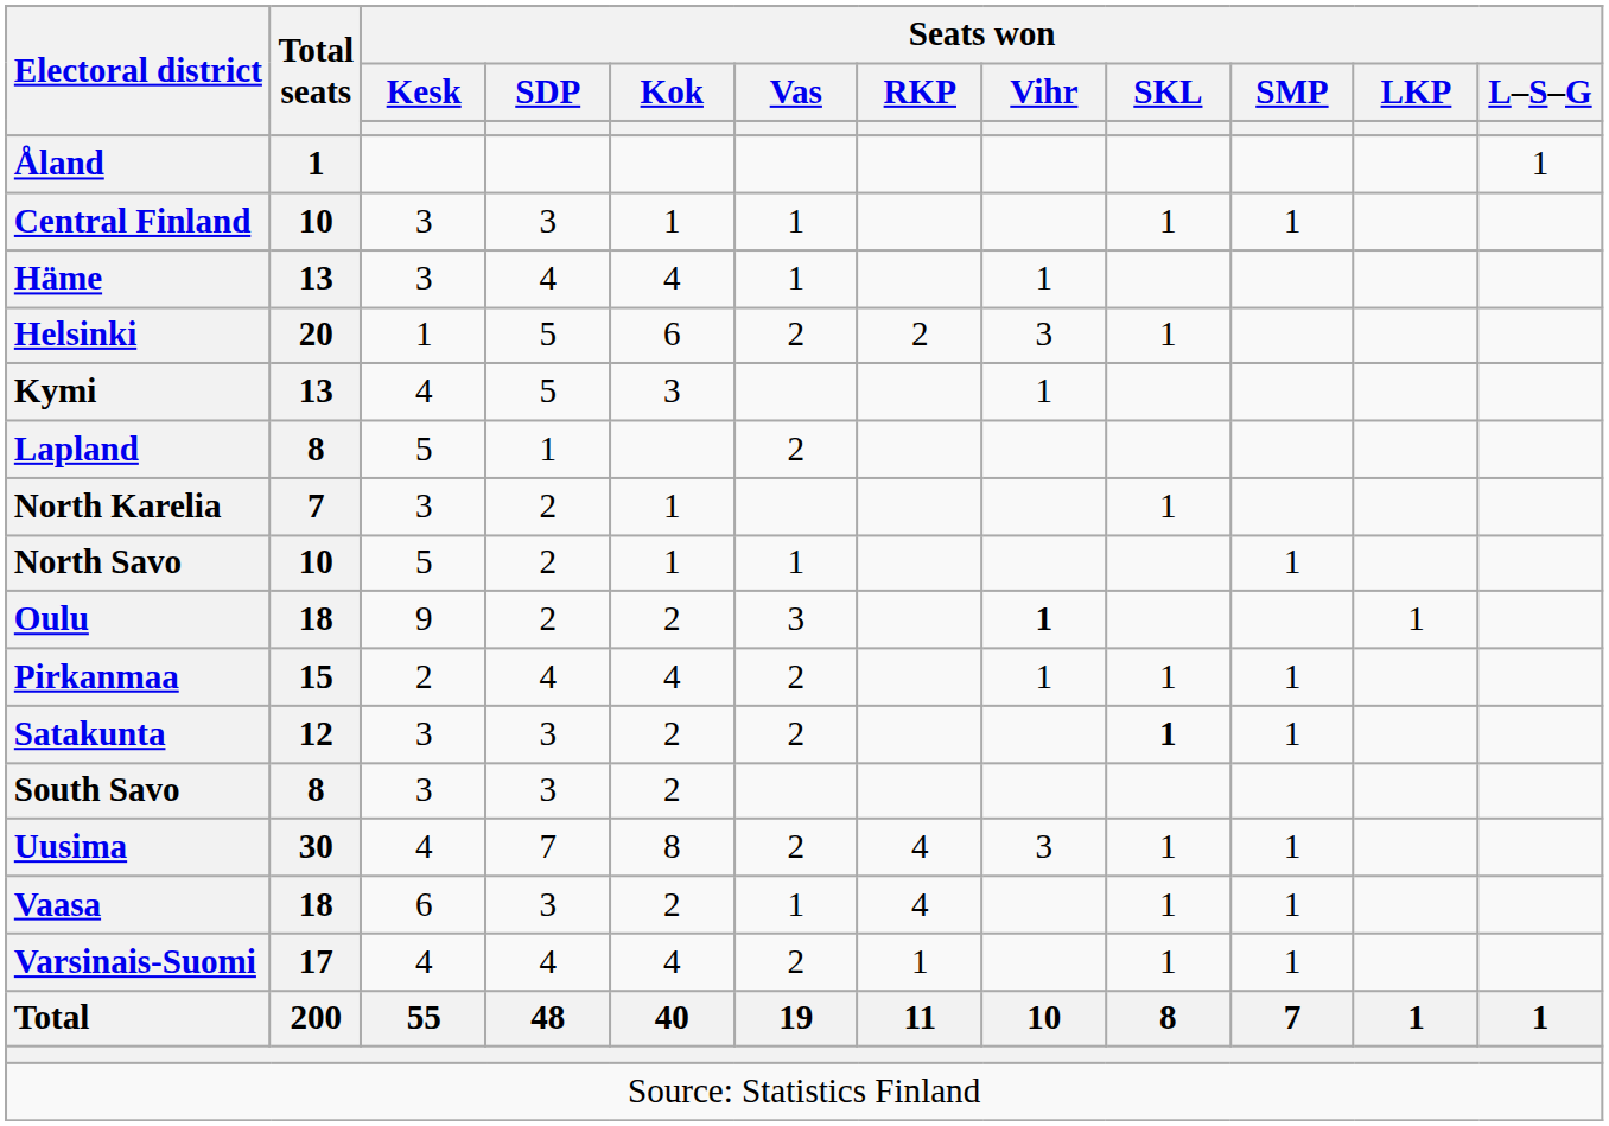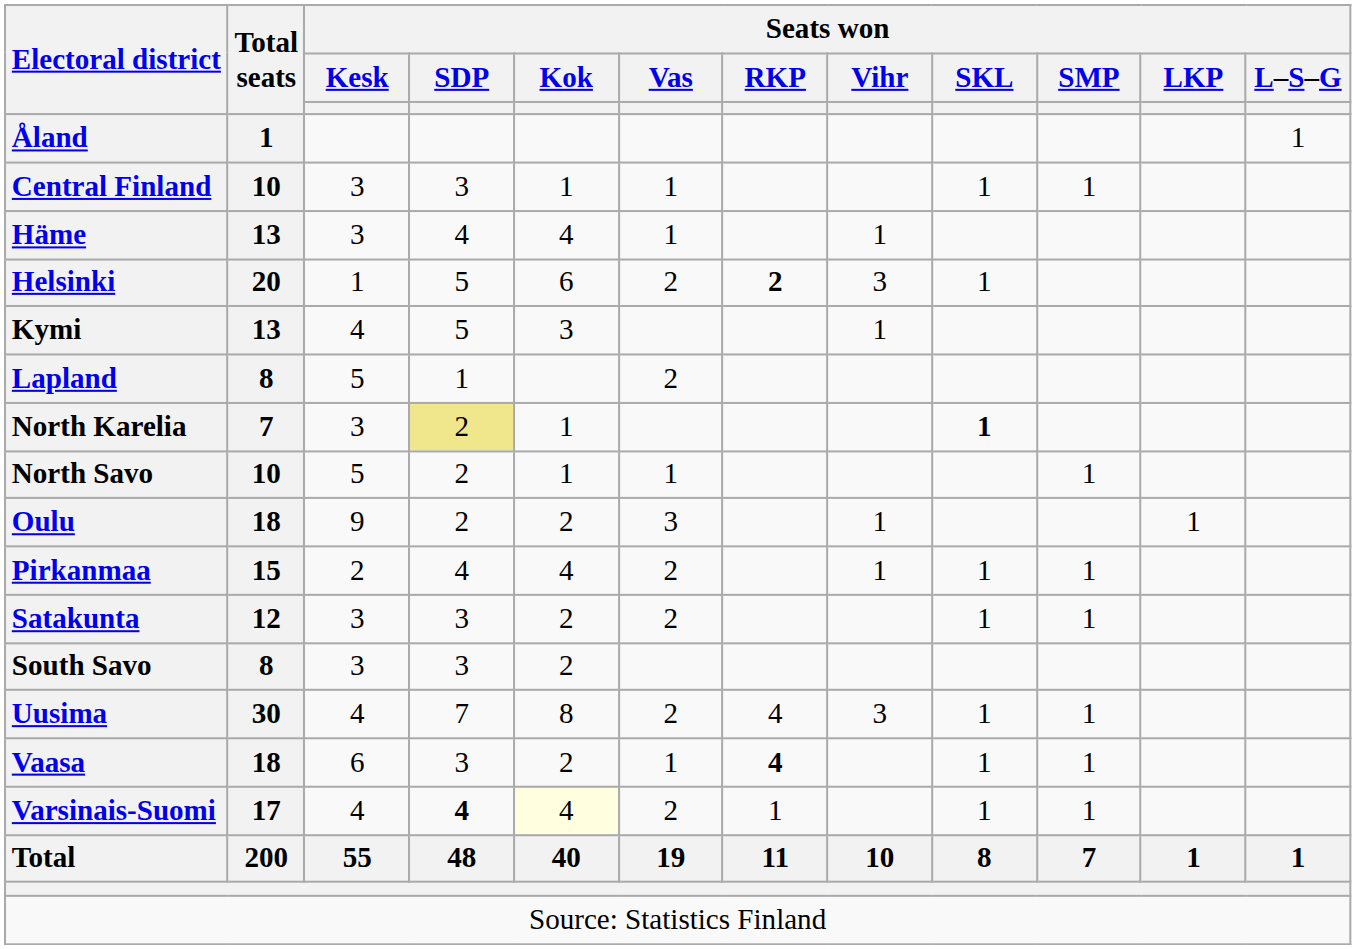 <table class="wikitable" style="text-align:center; font-size: 0.9em;">
 <tr>
 <th rowspan="3"><a href='#'>Electoral district</a></th>
 <th rowspan="3">Total<br>seats</th>
 <th colspan="10">Seats won</th>
 </tr>
 <tr>
 <th class="unsortable" style="width:45px;"><a href='#'>Kesk</a></th>
 <th class="unsortable" style="width:45px;"><a href='#'>SDP</a></th>
 <th class="unsortable" style="width:45px;"><a href='#'>Kok</a></th>
 <th class="unsortable" style="width:45px;"><a href='#'>Vas</a></th>
 <th class="unsortable" style="width:45px;"><a href='#'>RKP</a></th>
 <th class="unsortable" style="width:45px;"><a href='#'>Vihr</a></th>
 <th class="unsortable" style="width:45px;"><a href='#'>SKL</a></th>
 <th class="unsortable" style="width:45px;"><a href='#'>SMP</a></th>
 <th class="unsortable" style="width:45px;"><a href='#'>LKP</a></th>
 <th class="unsortable" style="width:45px;"><a href='#'>L</a>–<a href='#'>S</a>–<a href='#'>G</a></th>
 </tr>
 <tr>
 <th style="background:"></th>
 <th style="background:"></th>
 <th style="background:"></th>
 <th style="background:"></th>
 <th style="background:"></th>
 <th style="background:"></th>
 <th style="background:"></th>
 <th style="background:"></th>
 <th style="background:"></th>
 <th style="background:"></th>
 </tr>
 <tr>
 <th style="text-align: left;"><a href='#'>Åland</a></th>
 <th>1</th>
 <td></td>
 <td></td>
 <td></td>
 <td></td>
 <td></td>
 <td></td>
 <td></td>
 <td></td>
 <td></td>
 <td>1</td>
 </tr>
 <tr>
 <th style="text-align: left;"><a href='#'>Central Finland</a></th>
 <th>10</th>
 <td>3</td>
 <td>3</td>
 <td>1</td>
 <td>1</td>
 <td></td>
 <td></td>
 <td>1</td>
 <td>1</td>
 <td></td>
 <td></td>
 </tr>
 <tr>
 <th style="text-align: left;"><a href='#'>Häme</a></th>
 <th>13</th>
 <td>3</td>
 <td>4</td>
 <td>4</td>
 <td>1</td>
 <td></td>
 <td>1</td>
 <td></td>
 <td></td>
 <td></td>
 <td></td>
 </tr>
 <tr>
 <th style="text-align: left;"><a href='#'>Helsinki</a></th>
 <th>20</th>
 <td>1</td>
 <td>5</td>
 <td>6</td>
 <td>2</td>
-<td>2</td>
+<td><strong>2</strong></td>
 <td>3</td>
 <td>1</td>
 <td></td>
 <td></td>
 <td></td>
 </tr>
 <tr>
 <th style="text-align: left;">Kymi</th>
 <th>13</th>
 <td>4</td>
 <td>5</td>
 <td>3</td>
 <td></td>
 <td></td>
 <td>1</td>
 <td></td>
 <td></td>
 <td></td>
 <td></td>
 </tr>
 <tr>
 <th style="text-align: left;"><a href='#'>Lapland</a></th>
 <th>8</th>
 <td>5</td>
 <td>1</td>
 <td></td>
 <td>2</td>
 <td></td>
 <td></td>
 <td></td>
 <td></td>
 <td></td>
 <td></td>
 </tr>
 <tr>
 <th style="text-align: left;">North Karelia</th>
 <th>7</th>
 <td>3</td>
-<td>2</td>
+<td style="background: khaki;">2</td>
 <td>1</td>
 <td></td>
 <td></td>
 <td></td>
-<td>1</td>
+<td><strong>1</strong></td>
 <td></td>
 <td></td>
 <td></td>
 </tr>
 <tr>
 <th style="text-align: left;">North Savo</th>
 <th>10</th>
 <td>5</td>
 <td>2</td>
 <td>1</td>
 <td>1</td>
 <td></td>
 <td></td>
 <td></td>
 <td>1</td>
 <td></td>
 <td></td>
 </tr>
 <tr>
 <th style="text-align: left;"><a href='#'>Oulu</a></th>
 <th>18</th>
 <td>9</td>
 <td>2</td>
 <td>2</td>
 <td>3</td>
 <td></td>
-<td><strong>1</strong></td>
+<td>1</td>
 <td></td>
 <td></td>
 <td>1</td>
 <td></td>
 </tr>
 <tr>
 <th style="text-align: left;"><a href='#'>Pirkanmaa</a></th>
 <th>15</th>
 <td>2</td>
 <td>4</td>
 <td>4</td>
 <td>2</td>
 <td></td>
 <td>1</td>
 <td>1</td>
 <td>1</td>
 <td></td>
 <td></td>
 </tr>
 <tr>
 <th style="text-align: left;"><a href='#'>Satakunta</a></th>
 <th>12</th>
 <td>3</td>
 <td>3</td>
 <td>2</td>
 <td>2</td>
 <td></td>
 <td></td>
-<td><strong>1</strong></td>
+<td>1</td>
 <td>1</td>
 <td></td>
 <td></td>
 </tr>
 <tr>
 <th style="text-align: left;">South Savo</th>
 <th>8</th>
 <td>3</td>
 <td>3</td>
 <td>2</td>
 <td></td>
 <td></td>
 <td></td>
 <td></td>
 <td></td>
 <td></td>
 <td></td>
 </tr>
 <tr>
 <th style="text-align: left;"><a href='#'>Uusima</a></th>
 <th>30</th>
 <td>4</td>
 <td>7</td>
 <td>8</td>
 <td>2</td>
 <td>4</td>
 <td>3</td>
 <td>1</td>
 <td>1</td>
 <td></td>
 <td></td>
 </tr>
 <tr>
 <th style="text-align: left;"><a href='#'>Vaasa</a></th>
 <th>18</th>
 <td>6</td>
 <td>3</td>
 <td>2</td>
 <td>1</td>
-<td>4</td>
+<td><strong>4</strong></td>
 <td></td>
 <td>1</td>
 <td>1</td>
 <td></td>
 <td></td>
 </tr>
 <tr>
 <th style="text-align: left;"><a href='#'>Varsinais-Suomi</a></th>
 <th>17</th>
 <td>4</td>
-<td>4</td>
-<td>4</td>
+<td><strong>4</strong></td>
+<td style="background: lightyellow;">4</td>
 <td>2</td>
 <td>1</td>
 <td></td>
 <td>1</td>
 <td>1</td>
 <td></td>
 <td></td>
 </tr>
 <tr class="sortbottom">
 <th style="text-align: left;">Total</th>
 <th>200</th>
 <th>55</th>
 <th>48</th>
 <th>40</th>
 <th>19</th>
 <th>11</th>
 <th>10</th>
 <th>8</th>
 <th>7</th>
 <th>1</th>
 <th>1</th>
 </tr>
 <tr>
 <th colspan="12"></th>
 </tr>
 <tr>
 <td colspan="12">Source: Statistics Finland</td>
 </tr>
 </table>
